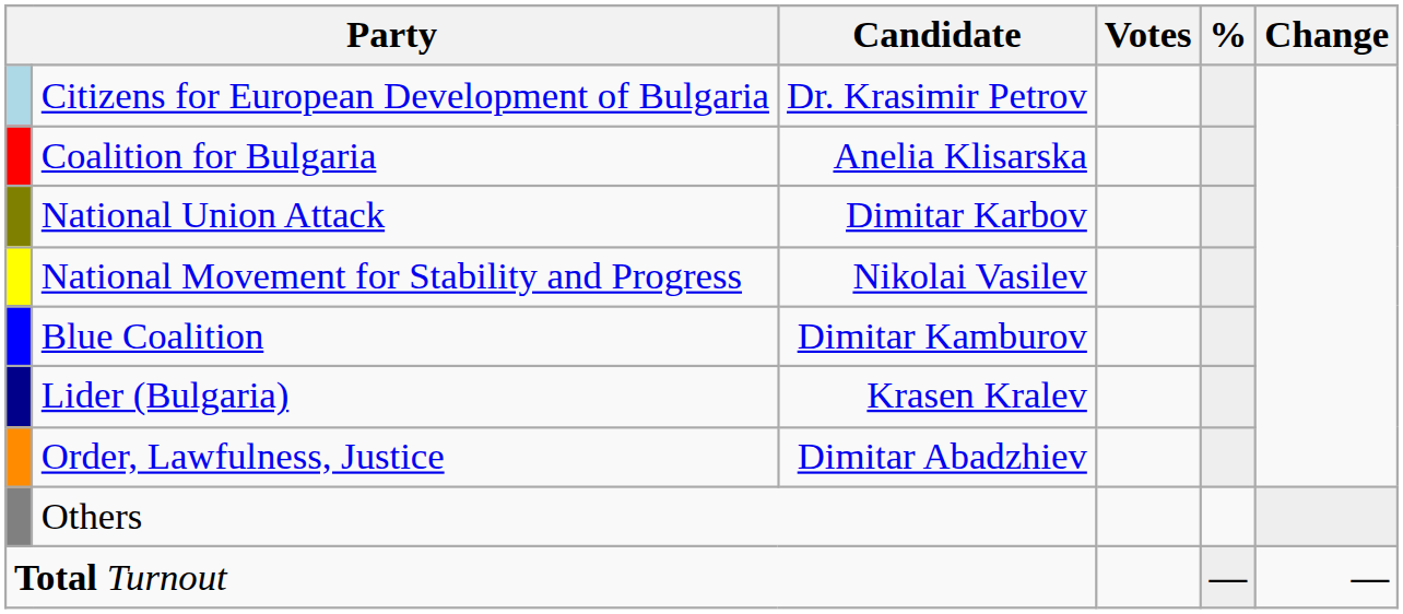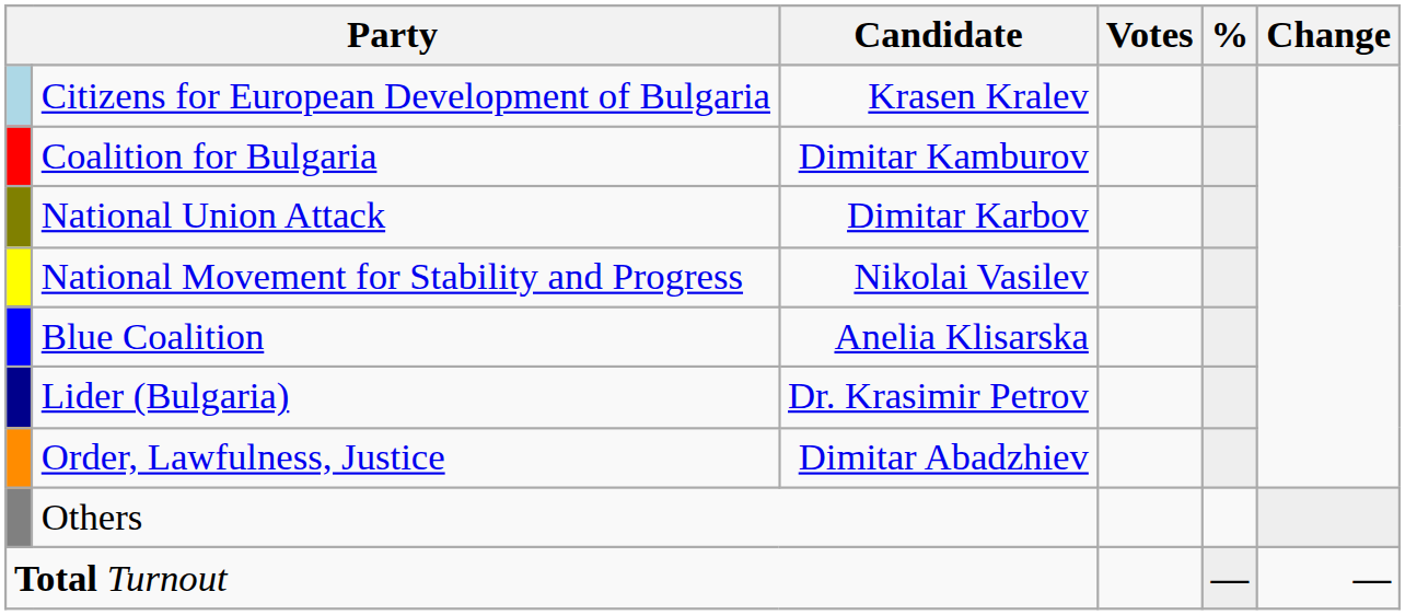 <table class="wikitable" border="1">
 <tr style="background-color:#C9C9C9">
 <th align=left colspan=2 valign=top>Party</th>
 <th align-right>Candidate</th>
 <th align-right>Votes</th>
 <th align=right>%</th>
 <th align=right>Change</th>
 </tr>
 <tr>
 <td bgcolor="lightblue"> </td>
 <td align=left><a href='#'>Citizens for European Development of Bulgaria</a></td>
-<td align=right><a href='#'>Dr. Krasimir Petrov</a></td>
+<td align=right><a href='#'>Krasen Kralev</a></td>
 <td align=right></td>
 <td align=right style="background-color:#EEEEEE"></td>
 </tr>
 <tr>
 <td bgcolor="red"> </td>
 <td align=left><a href='#'>Coalition for Bulgaria</a></td>
-<td align=right><a href='#'>Anelia Klisarska</a></td>
+<td align=right><a href='#'>Dimitar Kamburov</a></td>
 <td align=right></td>
 <td align=right style="background-color:#EEEEEE"></td>
 </tr>
 <tr>
 <td bgcolor="#808000"> </td>
 <td align=left><a href='#'>National Union Attack</a></td>
 <td align=right><a href='#'>Dimitar Karbov</a></td>
 <td align=right></td>
 <td align=right style="background-color:#EEEEEE"></td>
 </tr>
 <tr>
 <td bgcolor="yellow"> </td>
 <td align=left><a href='#'>National Movement for Stability and Progress</a></td>
 <td align=right><a href='#'>Nikolai Vasilev</a></td>
 <td align=right></td>
 <td align=right style="background-color:#EEEEEE"></td>
 </tr>
 <tr>
 <td bgcolor="blue"> </td>
 <td align=left><a href='#'>Blue Coalition</a></td>
-<td align=right><a href='#'>Dimitar Kamburov</a></td>
+<td align=right><a href='#'>Anelia Klisarska</a></td>
 <td align=right></td>
 <td align=right style="background-color:#EEEEEE"></td>
 </tr>
 <tr>
 <td bgcolor="darkblue"> </td>
 <td align=left><a href='#'>Lider (Bulgaria)</a></td>
-<td align=right><a href='#'>Krasen Kralev</a></td>
+<td align=right><a href='#'>Dr. Krasimir Petrov</a></td>
 <td align=right></td>
 <td align=right style="background-color:#EEEEEE"></td>
 </tr>
 <tr>
 <td bgcolor="darkorange"> </td>
 <td align=left><a href='#'>Order, Lawfulness, Justice</a></td>
 <td align=right><a href='#'>Dimitar Abadzhiev</a></td>
 <td align=right></td>
 <td align=right style="background-color:#EEEEEE"></td>
 </tr>
 <tr>
 <td bgcolor="grey"> </td>
 <td align=left colspan=2>Others</td>
 <td align=right></td>
 <td align=right></td>
 <td align=right style="background-color:#EEEEEE"></td>
 </tr>
 <tr>
 <td align=left colspan=3><strong>Total</strong>      <em> Turnout</em></td>
 <td align=right></td>
 <td align=right style="background-color:#EEEEEE"><strong>—</strong></td>
 <td align=right><strong>—</strong></td>
 </tr>
 </table>
